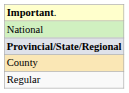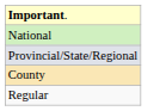 <table class="wikitable">
 <tr style="background:#ffc;">
 <td><strong>Important</strong>.</td>
 </tr>
 <tr style="background:#d0f0c0">
 <td>National</td>
 </tr>
 <tr style="background:#dfe2e9">
-<td><strong>Provincial/State/Regional</strong></td>
+<td>Provincial/State/Regional</td>
 </tr>
 <tr style="background:#fae7b5">
 <td>County</td>
 </tr>
 <tr>
 <td>Regular</td>
 </tr>
 </table>
